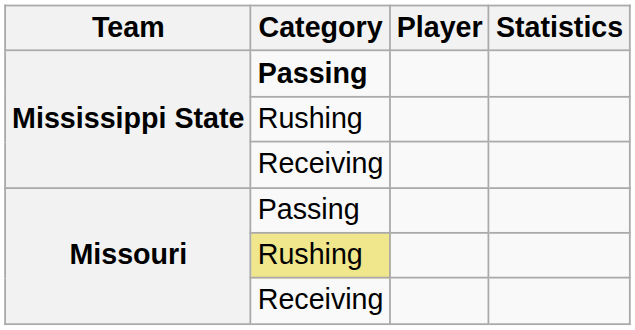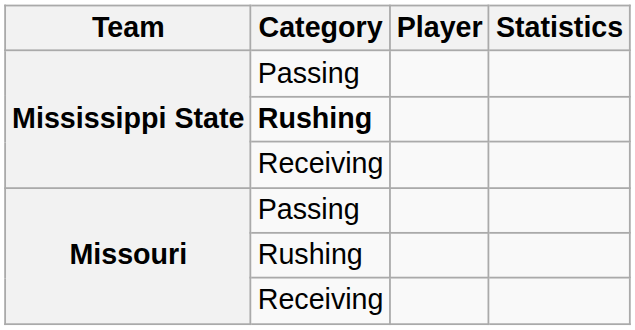 <table class="wikitable" style="float:right">
 <tr>
 <th>Team</th>
 <th>Category</th>
 <th>Player</th>
 <th>Statistics</th>
 </tr>
 <tr>
 <th rowspan=3>Mississippi State</th>
-<td><strong>Passing</strong></td>
+<td>Passing</td>
 <td></td>
 <td></td>
 </tr>
 <tr>
-<td>Rushing</td>
+<td><strong>Rushing</strong></td>
 <td></td>
 <td></td>
 </tr>
 <tr>
 <td>Receiving</td>
 <td></td>
 <td></td>
 </tr>
 <tr>
 <th rowspan=3>Missouri</th>
 <td>Passing</td>
 <td></td>
 <td></td>
 </tr>
 <tr>
-<td style="background: khaki;">Rushing</td>
+<td>Rushing</td>
 <td></td>
 <td></td>
 </tr>
 <tr>
 <td>Receiving</td>
 <td></td>
 <td></td>
 </tr>
 </table>
